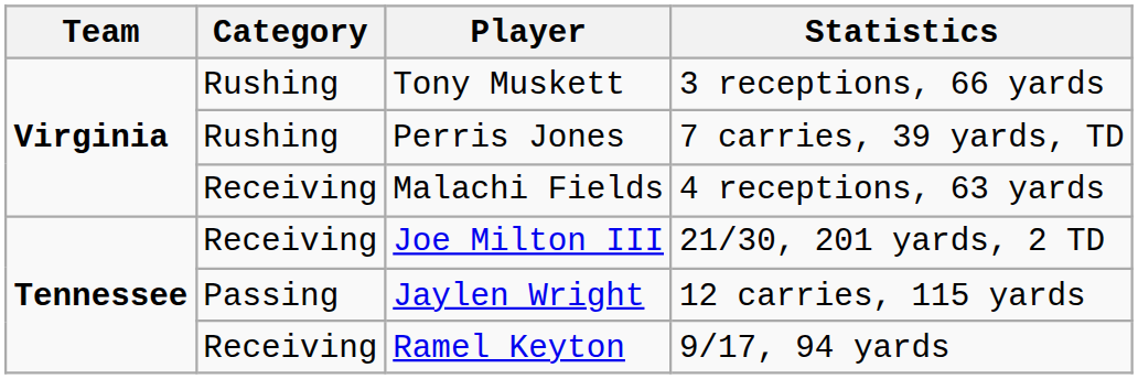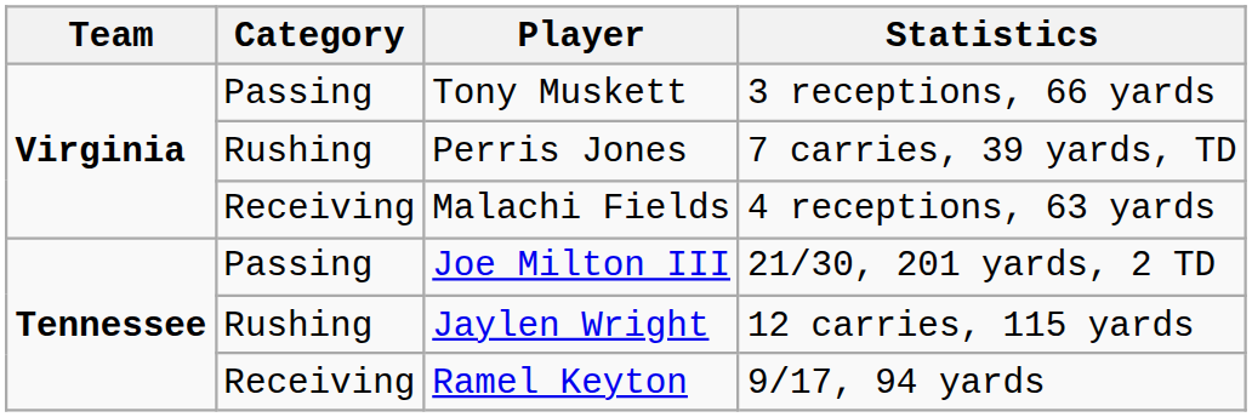 <table class="wikitable" style="float: right;">
 <tr>
 <th>Team</th>
 <th>Category</th>
 <th>Player</th>
 <th>Statistics</th>
 </tr>
 <tr>
 <td rowspan=3><strong>Virginia</strong></td>
-<td>Rushing</td>
+<td>Passing</td>
 <td>Tony Muskett</td>
 <td>3 receptions, 66 yards</td>
 </tr>
 <tr>
 <td>Rushing</td>
 <td>Perris Jones</td>
 <td>7 carries, 39 yards, TD</td>
 </tr>
 <tr>
 <td>Receiving</td>
 <td>Malachi Fields</td>
 <td>4 receptions, 63 yards</td>
 </tr>
 <tr>
 <td rowspan=3><strong>Tennessee</strong></td>
-<td>Receiving</td>
+<td>Passing</td>
 <td><a href='#'>Joe Milton III</a></td>
 <td>21/30, 201 yards, 2 TD</td>
 </tr>
 <tr>
-<td>Passing</td>
+<td>Rushing</td>
 <td><a href='#'>Jaylen Wright</a></td>
 <td>12 carries, 115 yards</td>
 </tr>
 <tr>
 <td>Receiving</td>
 <td><a href='#'>Ramel Keyton</a></td>
 <td>9/17, 94 yards</td>
 </tr>
 </table>
